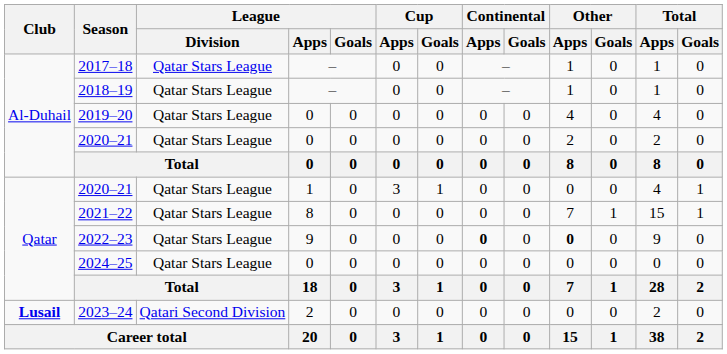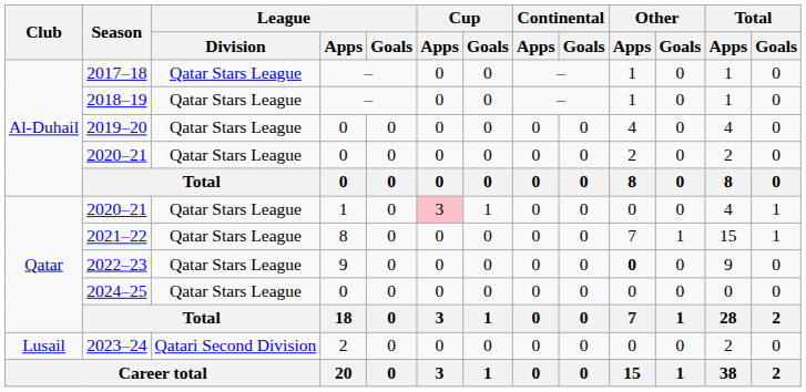 <table class="wikitable" style="text-align: center">
 <tr>
 <th rowspan="2">Club</th>
 <th rowspan="2">Season</th>
 <th colspan="3">League</th>
 <th colspan="2">Cup</th>
 <th colspan="2">Continental</th>
 <th colspan="2">Other</th>
 <th colspan="2">Total</th>
 </tr>
 <tr>
 <th>Division</th>
 <th>Apps</th>
 <th>Goals</th>
 <th>Apps</th>
 <th>Goals</th>
 <th>Apps</th>
 <th>Goals</th>
 <th>Apps</th>
 <th>Goals</th>
 <th>Apps</th>
 <th>Goals</th>
 </tr>
 <tr>
 <td rowspan="5" valign="center"><a href='#'>Al-Duhail</a></td>
 <td><a href='#'>2017–18</a></td>
 <td rowspan="1" valign="center"><a href='#'>Qatar Stars League</a></td>
 <td colspan="2">–</td>
 <td>0</td>
 <td>0</td>
 <td colspan="2">–</td>
 <td>1</td>
 <td>0</td>
 <td>1</td>
 <td>0</td>
 </tr>
 <tr>
 <td><a href='#'>2018–19</a></td>
 <td rowspan="1" valign="center">Qatar Stars League</td>
 <td colspan="2">–</td>
 <td>0</td>
 <td>0</td>
 <td colspan="2">–</td>
 <td>1</td>
 <td>0</td>
 <td>1</td>
 <td>0</td>
 </tr>
 <tr>
 <td><a href='#'>2019–20</a></td>
 <td rowspan="1" valign="center">Qatar Stars League</td>
 <td>0</td>
 <td>0</td>
 <td>0</td>
 <td>0</td>
 <td>0</td>
 <td>0</td>
 <td>4</td>
 <td>0</td>
 <td>4</td>
 <td>0</td>
 </tr>
 <tr>
 <td><a href='#'>2020–21</a></td>
 <td rowspan="1" valign="center">Qatar Stars League</td>
 <td>0</td>
 <td>0</td>
 <td>0</td>
 <td>0</td>
 <td>0</td>
 <td>0</td>
 <td>2</td>
 <td>0</td>
 <td>2</td>
 <td>0</td>
 </tr>
 <tr>
 <th colspan="2"><strong>Total</strong></th>
 <th>0</th>
 <th>0</th>
 <th>0</th>
 <th>0</th>
 <th>0</th>
 <th>0</th>
 <th>8</th>
 <th>0</th>
 <th>8</th>
 <th>0</th>
 </tr>
 <tr>
 <td rowspan="5" valign="center"><a href='#'>Qatar</a></td>
 <td><a href='#'>2020–21</a></td>
 <td rowspan="1" valign="center">Qatar Stars League</td>
 <td>1</td>
 <td>0</td>
-<td>3</td>
+<td style="background: pink;">3</td>
 <td>1</td>
 <td>0</td>
 <td>0</td>
 <td>0</td>
 <td>0</td>
 <td>4</td>
 <td>1</td>
 </tr>
 <tr>
 <td><a href='#'>2021–22</a></td>
 <td rowspan="1" valign="center">Qatar Stars League</td>
 <td>8</td>
 <td>0</td>
 <td>0</td>
 <td>0</td>
 <td>0</td>
 <td>0</td>
 <td>7</td>
 <td>1</td>
 <td>15</td>
 <td>1</td>
 </tr>
 <tr>
 <td><a href='#'>2022–23</a></td>
 <td rowspan="1" valign="center">Qatar Stars League</td>
 <td>9</td>
 <td>0</td>
 <td>0</td>
 <td>0</td>
-<td><strong>0</strong></td>
+<td>0</td>
 <td>0</td>
 <td><strong>0</strong></td>
 <td>0</td>
 <td>9</td>
 <td>0</td>
 </tr>
 <tr>
 <td><a href='#'>2024–25</a></td>
 <td rowspan="1" valign="center">Qatar Stars League</td>
 <td>0</td>
 <td>0</td>
 <td>0</td>
 <td>0</td>
 <td>0</td>
 <td>0</td>
 <td>0</td>
 <td>0</td>
 <td>0</td>
 <td>0</td>
 </tr>
 <tr>
 <th colspan="2"><strong>Total</strong></th>
 <th>18</th>
 <th>0</th>
 <th>3</th>
 <th>1</th>
 <th>0</th>
 <th>0</th>
 <th>7</th>
 <th>1</th>
 <th>28</th>
 <th>2</th>
 </tr>
 <tr>
-<td rowspan="1" valign="center"><strong><a href='#'>Lusail</a></strong></td>
+<td rowspan="1" valign="center"><a href='#'>Lusail</a></td>
 <td><a href='#'>2023–24</a></td>
 <td rowspan="1" valign="center"><a href='#'>Qatari Second Division</a></td>
 <td>2</td>
 <td>0</td>
 <td>0</td>
 <td>0</td>
 <td>0</td>
 <td>0</td>
 <td>0</td>
 <td>0</td>
 <td>2</td>
 <td>0</td>
 </tr>
 <tr>
 <th colspan="3"><strong>Career total</strong></th>
 <th>20</th>
 <th>0</th>
 <th>3</th>
 <th>1</th>
 <th>0</th>
 <th>0</th>
 <th>15</th>
 <th>1</th>
 <th>38</th>
 <th>2</th>
 </tr>
 </table>
